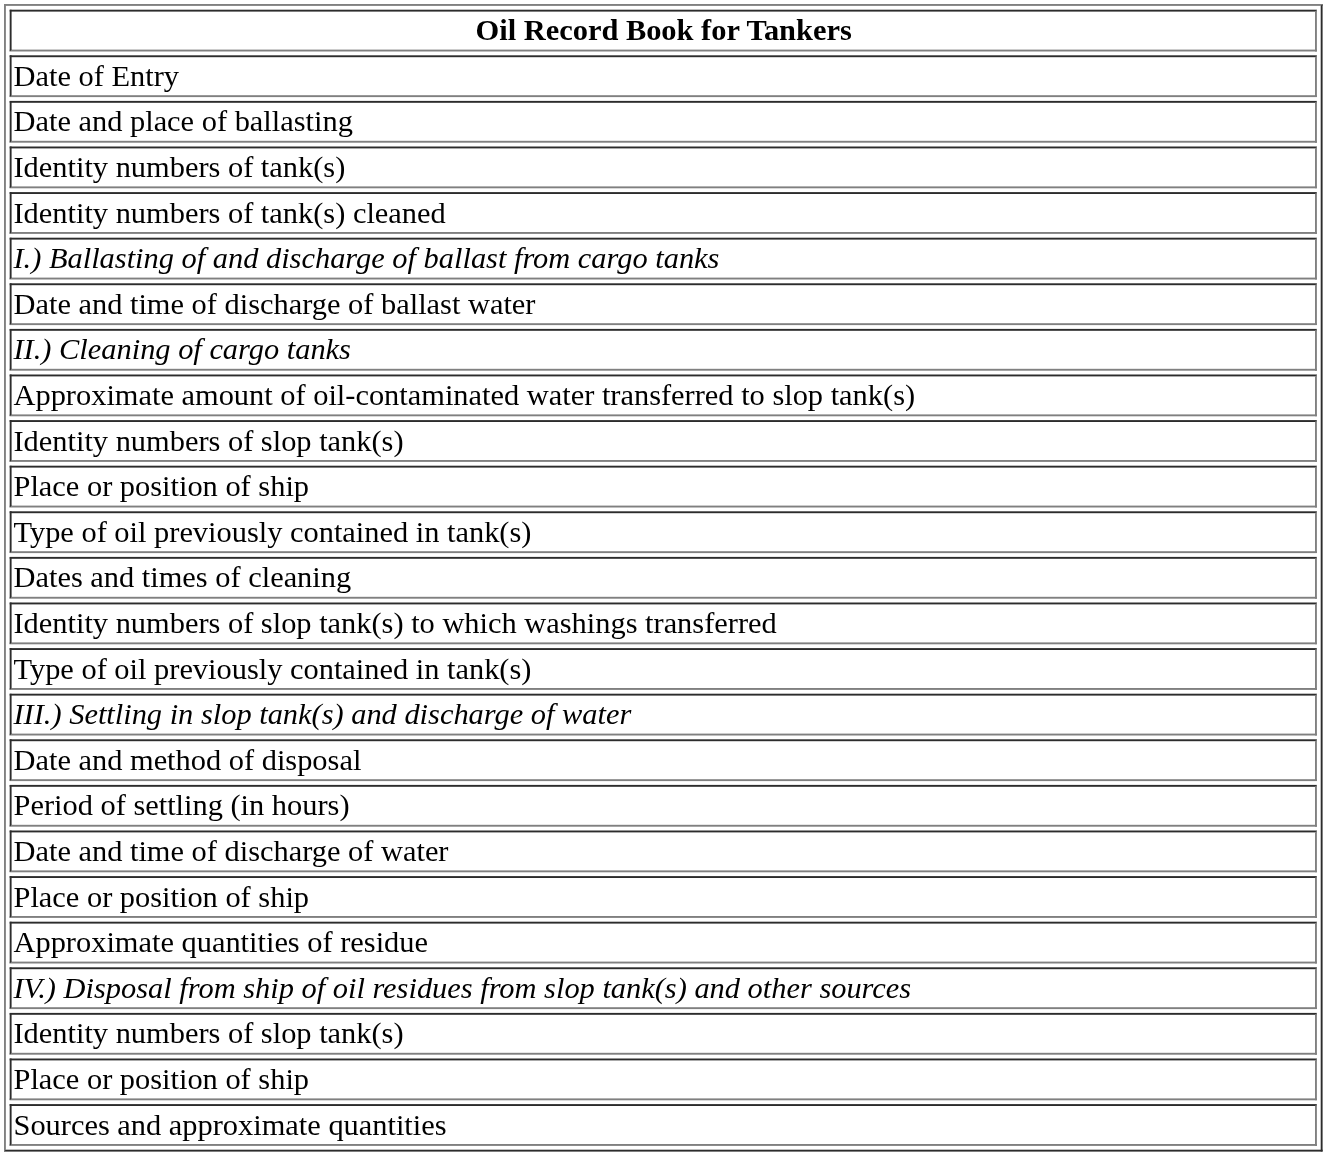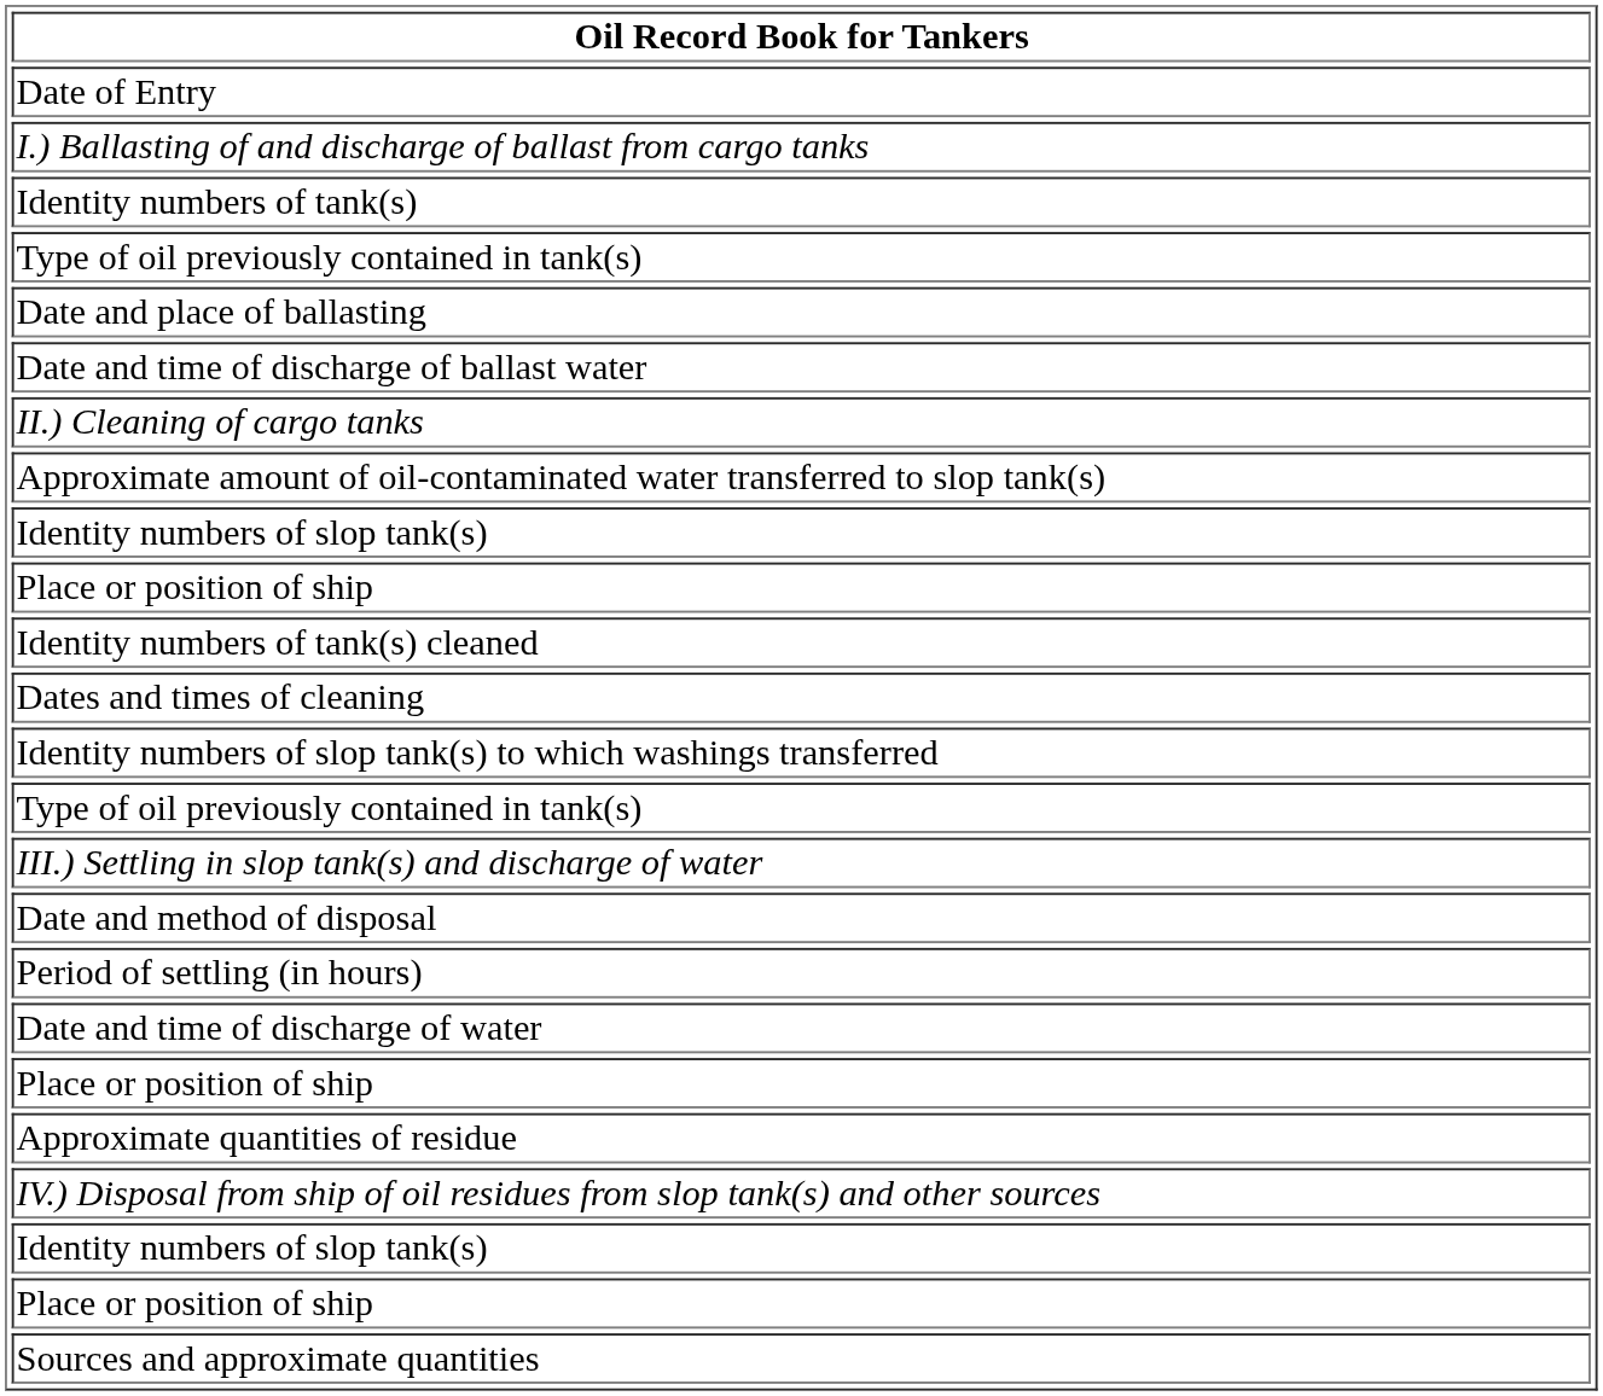 <table border="1" width="35%">
 <tr>
 <th align="center">Oil Record Book for Tankers</th>
 </tr>
 <tr>
 <td>Date of Entry</td>
 </tr>
 <tr>
-<td>Date and place of ballasting</td>
+<td><em>I.) Ballasting of and discharge of ballast from cargo tanks</em></td>
 </tr>
 <tr>
 <td>Identity numbers of tank(s)</td>
 </tr>
 <tr>
-<td>Identity numbers of tank(s) cleaned</td>
+<td>Type of oil previously contained in tank(s)</td>
 </tr>
 <tr>
-<td><em>I.) Ballasting of and discharge of ballast from cargo tanks</em></td>
+<td>Date and place of ballasting</td>
 </tr>
 <tr>
 <td>Date and time of discharge of ballast water</td>
 </tr>
 <tr>
 <td><em>II.) Cleaning of cargo tanks</em></td>
 </tr>
 <tr>
 <td>Approximate amount of oil-contaminated water transferred to slop tank(s)</td>
 </tr>
 <tr>
 <td>Identity numbers of slop tank(s)</td>
 </tr>
 <tr>
 <td>Place or position of ship</td>
 </tr>
 <tr>
-<td>Type of oil previously contained in tank(s)</td>
+<td>Identity numbers of tank(s) cleaned</td>
 </tr>
 <tr>
 <td>Dates and times of cleaning</td>
 </tr>
 <tr>
 <td>Identity numbers of slop tank(s) to which washings transferred</td>
 </tr>
 <tr>
 <td>Type of oil previously contained in tank(s)</td>
 </tr>
 <tr>
 <td><em>III.) Settling in slop tank(s) and discharge of water</em></td>
 </tr>
 <tr>
 <td>Date and method of disposal</td>
 </tr>
 <tr>
 <td>Period of settling (in hours)</td>
 </tr>
 <tr>
 <td>Date and time of discharge of water</td>
 </tr>
 <tr>
 <td>Place or position of ship</td>
 </tr>
 <tr>
 <td>Approximate quantities of residue</td>
 </tr>
 <tr>
 <td><em>IV.) Disposal from ship of oil residues from slop tank(s) and other sources</em></td>
 </tr>
 <tr>
 <td>Identity numbers of slop tank(s)</td>
 </tr>
 <tr>
 <td>Place or position of ship</td>
 </tr>
 <tr>
 <td>Sources and approximate quantities</td>
 </tr>
 </table>
